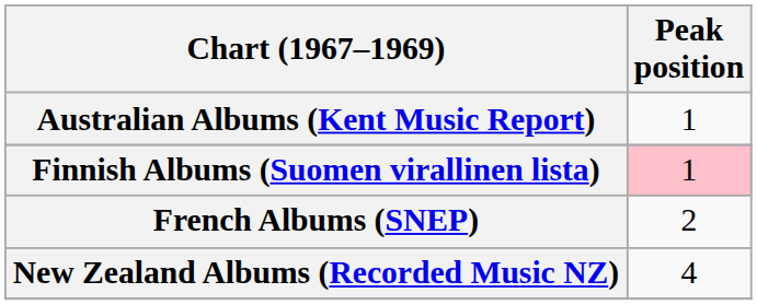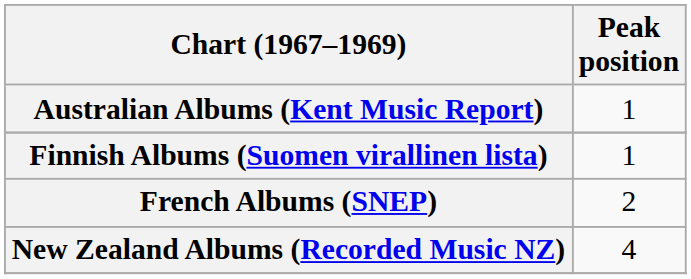 <table class="wikitable sortable plainrowheaders" style="text-align:center">
 <tr>
 <th>Chart (1967–1969)</th>
 <th>Peak<br>position</th>
 </tr>
 <tr>
 <th scope="row">Australian Albums (<a href='#'>Kent Music Report</a>)</th>
 <td>1</td>
 </tr>
 <tr>
 </tr>
 <tr>
 <th scope="row">Finnish Albums (<a href='#'>Suomen virallinen lista</a>)</th>
-<td style="background: pink;">1</td>
+<td>1</td>
 </tr>
 <tr>
 <th scope="row">French Albums (<a href='#'>SNEP</a>)</th>
 <td>2</td>
 </tr>
 <tr>
 <th scope="row">New Zealand Albums (<a href='#'>Recorded Music NZ</a>)</th>
 <td>4</td>
 </tr>
 <tr>
 </tr>
 <tr>
 </tr>
 <tr>
 </tr>
 </table>
